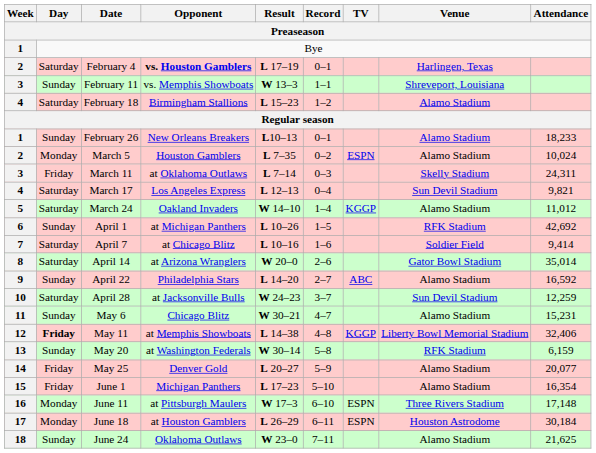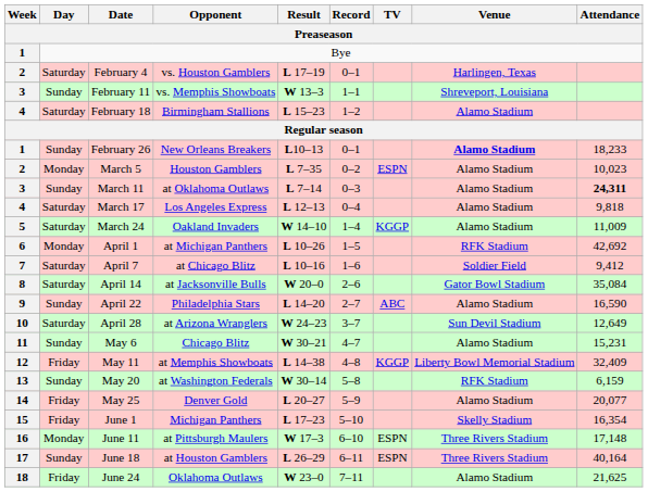 <table class="wikitable" style="text-align:center">
 <tr>
 <th>Week</th>
 <th>Day</th>
 <th>Date</th>
 <th>Opponent</th>
 <th>Result</th>
 <th>Record</th>
 <th>TV</th>
 <th>Venue</th>
 <th>Attendance</th>
 </tr>
 <tr>
 <th colspan="9">Preaseason</th>
 </tr>
 <tr>
 <th>1</th>
 <td colspan=8>Bye</td>
 </tr>
 <tr style="background:#fcc">
 <th>2</th>
 <td>Saturday</td>
 <td>February 4</td>
-<td><strong>vs. <a href='#'>Houston Gamblers</a></strong></td>
+<td>vs. <a href='#'>Houston Gamblers</a></td>
 <td><strong>L</strong> 17–19</td>
 <td>0–1</td>
 <td></td>
 <td><a href='#'>Harlingen, Texas</a></td>
 <td></td>
 </tr>
 <tr style="background:#cfc">
 <th>3</th>
 <td>Sunday</td>
 <td>February 11</td>
 <td>vs. <a href='#'>Memphis Showboats</a></td>
 <td><strong>W</strong> 13–3</td>
 <td>1–1</td>
 <td></td>
 <td><a href='#'>Shreveport, Louisiana</a></td>
 <td></td>
 </tr>
 <tr style="background:#fcc">
 <th>4</th>
 <td>Saturday</td>
 <td>February 18</td>
 <td><a href='#'>Birmingham Stallions</a></td>
 <td><strong>L</strong> 15–23</td>
 <td>1–2</td>
 <td></td>
 <td><a href='#'>Alamo Stadium</a></td>
 <td></td>
 </tr>
 <tr>
 <th colspan="9">Regular season</th>
 </tr>
 <tr style="background:#fcc">
 <th>1</th>
 <td>Sunday</td>
 <td>February 26</td>
 <td><a href='#'>New Orleans Breakers</a></td>
 <td><strong>L</strong>10–13</td>
 <td>0–1</td>
 <td></td>
-<td><a href='#'>Alamo Stadium</a></td>
+<td><strong><a href='#'>Alamo Stadium</a></strong></td>
 <td>18,233</td>
 </tr>
 <tr style="background:#fcc">
 <th>2</th>
 <td>Monday</td>
 <td>March 5</td>
 <td><a href='#'>Houston Gamblers</a></td>
 <td><strong>L</strong> 7–35</td>
 <td>0–2</td>
 <td><a href='#'>ESPN</a></td>
 <td>Alamo Stadium</td>
-<td>10,024</td>
+<td>10,023</td>
 </tr>
 <tr style="background:#fcc">
 <th>3</th>
-<td>Friday</td>
+<td>Sunday</td>
 <td>March 11</td>
 <td>at <a href='#'>Oklahoma Outlaws</a></td>
 <td><strong>L</strong> 7–14</td>
 <td>0–3</td>
 <td></td>
-<td><a href='#'>Skelly Stadium</a></td>
-<td>24,311</td>
+<td>Alamo Stadium</td>
+<td><strong>24,311</strong></td>
 </tr>
 <tr style="background:#fcc">
 <th>4</th>
 <td>Saturday</td>
 <td>March 17</td>
 <td><a href='#'>Los Angeles Express</a></td>
 <td><strong>L</strong> 12–13</td>
 <td>0–4</td>
 <td></td>
-<td><a href='#'>Sun Devil Stadium</a></td>
-<td>9,821</td>
+<td>Alamo Stadium</td>
+<td>9,818</td>
 </tr>
 <tr style="background:#cfc">
 <th>5</th>
 <td>Saturday</td>
 <td>March 24</td>
 <td><a href='#'>Oakland Invaders</a></td>
 <td><strong>W</strong> 14–10</td>
 <td>1–4</td>
 <td><a href='#'>KGGP</a></td>
 <td>Alamo Stadium</td>
-<td>11,012</td>
+<td>11,009</td>
 </tr>
 <tr style="background:#fcc">
 <th>6</th>
-<td>Sunday</td>
+<td>Monday</td>
 <td>April 1</td>
 <td>at <a href='#'>Michigan Panthers</a></td>
 <td><strong>L</strong> 10–26</td>
 <td>1–5</td>
 <td></td>
 <td><a href='#'>RFK Stadium</a></td>
 <td>42,692</td>
 </tr>
 <tr style="background:#fcc">
 <th>7</th>
 <td>Saturday</td>
 <td>April 7</td>
 <td>at <a href='#'>Chicago Blitz</a></td>
 <td><strong>L</strong> 10–16</td>
 <td>1–6</td>
 <td></td>
 <td><a href='#'>Soldier Field</a></td>
-<td>9,414</td>
+<td>9,412</td>
 </tr>
 <tr style="background:#cfc">
 <th>8</th>
 <td>Saturday</td>
 <td>April 14</td>
-<td>at <a href='#'>Arizona Wranglers</a></td>
+<td>at <a href='#'>Jacksonville Bulls</a></td>
 <td><strong>W</strong> 20–0</td>
 <td>2–6</td>
 <td></td>
 <td><a href='#'>Gator Bowl Stadium</a></td>
-<td>35,014</td>
+<td>35,084</td>
 </tr>
 <tr style="background:#fcc">
 <th>9</th>
 <td>Sunday</td>
 <td>April 22</td>
 <td><a href='#'>Philadelphia Stars</a></td>
 <td><strong>L</strong> 14–20</td>
 <td>2–7</td>
 <td><a href='#'>ABC</a></td>
 <td>Alamo Stadium</td>
-<td>16,592</td>
+<td>16,590</td>
 </tr>
 <tr style="background:#cfc">
 <th>10</th>
 <td>Saturday</td>
 <td>April 28</td>
-<td>at <a href='#'>Jacksonville Bulls</a></td>
+<td>at <a href='#'>Arizona Wranglers</a></td>
 <td><strong>W</strong> 24–23</td>
 <td>3–7</td>
 <td></td>
 <td><a href='#'>Sun Devil Stadium</a></td>
-<td>12,259</td>
+<td>12,649</td>
 </tr>
 <tr style="background:#cfc">
 <th>11</th>
 <td>Sunday</td>
 <td>May 6</td>
 <td><a href='#'>Chicago Blitz</a></td>
 <td><strong>W</strong> 30–21</td>
 <td>4–7</td>
 <td></td>
 <td>Alamo Stadium</td>
 <td>15,231</td>
 </tr>
 <tr style="background:#fcc">
 <th>12</th>
-<td><strong>Friday</strong></td>
+<td>Friday</td>
 <td>May 11</td>
 <td>at <a href='#'>Memphis Showboats</a></td>
 <td><strong>L</strong> 14–38</td>
 <td>4–8</td>
 <td><a href='#'>KGGP</a></td>
 <td><a href='#'>Liberty Bowl Memorial Stadium</a></td>
-<td>32,406</td>
+<td>32,409</td>
 </tr>
 <tr style="background:#cfc">
 <th>13</th>
 <td>Sunday</td>
 <td>May 20</td>
 <td>at <a href='#'>Washington Federals</a></td>
 <td><strong>W</strong> 30–14</td>
 <td>5–8</td>
 <td></td>
 <td><a href='#'>RFK Stadium</a></td>
 <td>6,159</td>
 </tr>
 <tr style="background:#fcc">
 <th>14</th>
 <td>Friday</td>
 <td>May 25</td>
 <td><a href='#'>Denver Gold</a></td>
 <td><strong>L</strong> 20–27</td>
 <td>5–9</td>
 <td></td>
 <td>Alamo Stadium</td>
 <td>20,077</td>
 </tr>
 <tr style="background:#fcc">
 <th>15</th>
 <td>Friday</td>
 <td>June 1</td>
 <td><a href='#'>Michigan Panthers</a></td>
 <td><strong>L</strong> 17–23 </td>
 <td>5–10</td>
 <td></td>
-<td>Alamo Stadium</td>
+<td><a href='#'>Skelly Stadium</a></td>
 <td>16,354</td>
 </tr>
 <tr style="background:#cfc">
 <th>16</th>
 <td>Monday</td>
 <td>June 11</td>
 <td>at <a href='#'>Pittsburgh Maulers</a></td>
 <td><strong>W</strong> 17–3</td>
 <td>6–10</td>
 <td>ESPN</td>
 <td><a href='#'>Three Rivers Stadium</a></td>
 <td>17,148</td>
 </tr>
 <tr style="background:#fcc">
 <th>17</th>
-<td>Monday</td>
+<td>Sunday</td>
 <td>June 18</td>
 <td>at <a href='#'>Houston Gamblers</a></td>
 <td><strong>L</strong> 26–29</td>
 <td>6–11</td>
 <td>ESPN</td>
-<td><a href='#'>Houston Astrodome</a></td>
-<td>30,184</td>
+<td><a href='#'>Three Rivers Stadium</a></td>
+<td>40,164</td>
 </tr>
 <tr style="background:#cfc">
 <th>18</th>
-<td>Sunday</td>
+<td>Friday</td>
 <td>June 24</td>
 <td><a href='#'>Oklahoma Outlaws</a></td>
 <td><strong>W</strong> 23–0</td>
 <td>7–11</td>
 <td></td>
 <td>Alamo Stadium</td>
 <td>21,625</td>
 </tr>
 </table>
